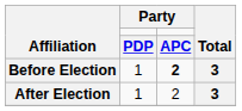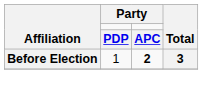 <table class=wikitable style="text-align:center">
 <tr style="vertical-align:bottom;">
 <th rowspan=3>Affiliation</th>
 <th colspan=2>Party</th>
 <th rowspan=3>Total</th>
 </tr>
 <tr>
 <td style="background-color:"></td>
 <td style="background-color:"></td>
 </tr>
 <tr>
 <th><a href='#'>PDP</a></th>
 <th><a href='#'>APC</a></th>
 </tr>
 <tr>
 <th>Before Election</th>
 <td>1</td>
 <td><strong>2</strong></td>
 <th>3</th>
 </tr>
 <tr>
-<th>After Election</th>
-<td>1</td>
-<td>2</td>
-<th>3</th>
-</tr>
-<tr>
 </tr>
 </table>
